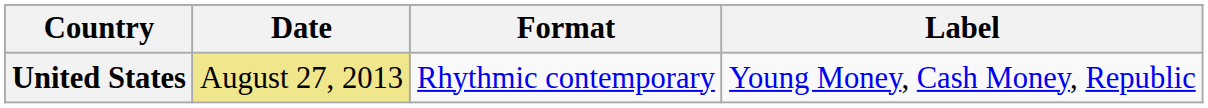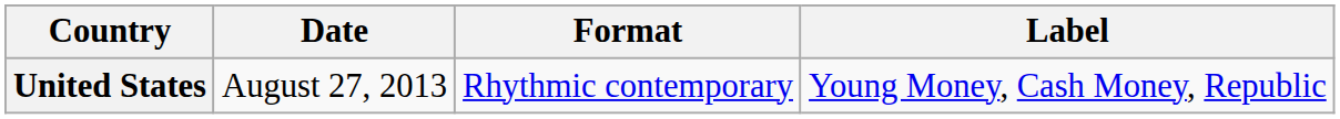 <table class="wikitable plainrowheaders" style="text-align:center;" border="1">
 <tr>
 <th scope="col">Country</th>
 <th scope="col">Date</th>
 <th scope="col">Format</th>
 <th scope="col">Label</th>
 </tr>
 <tr>
 <th scope="row">United States</th>
-<td style="background: khaki;">August 27, 2013</td>
+<td>August 27, 2013</td>
 <td rowspan="2"><a href='#'>Rhythmic contemporary</a></td>
 <td rowspan="2"><a href='#'>Young Money</a>, <a href='#'>Cash Money</a>, <a href='#'>Republic</a></td>
 </tr>
 </table>
